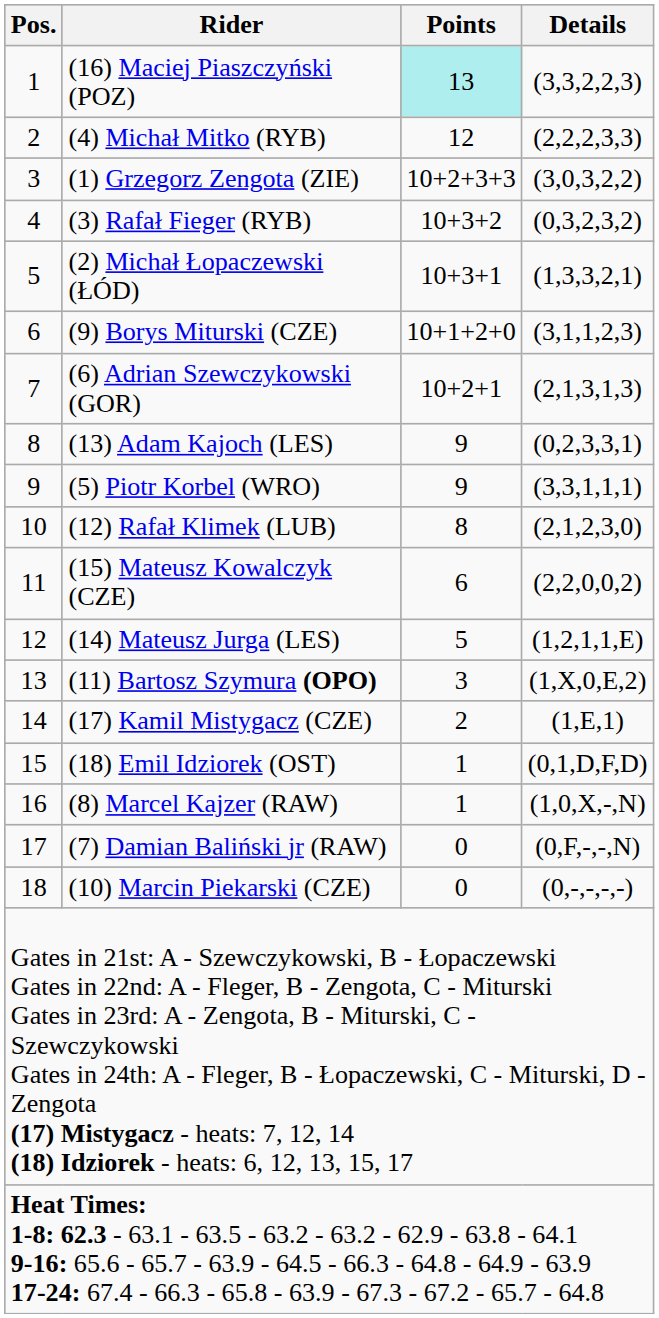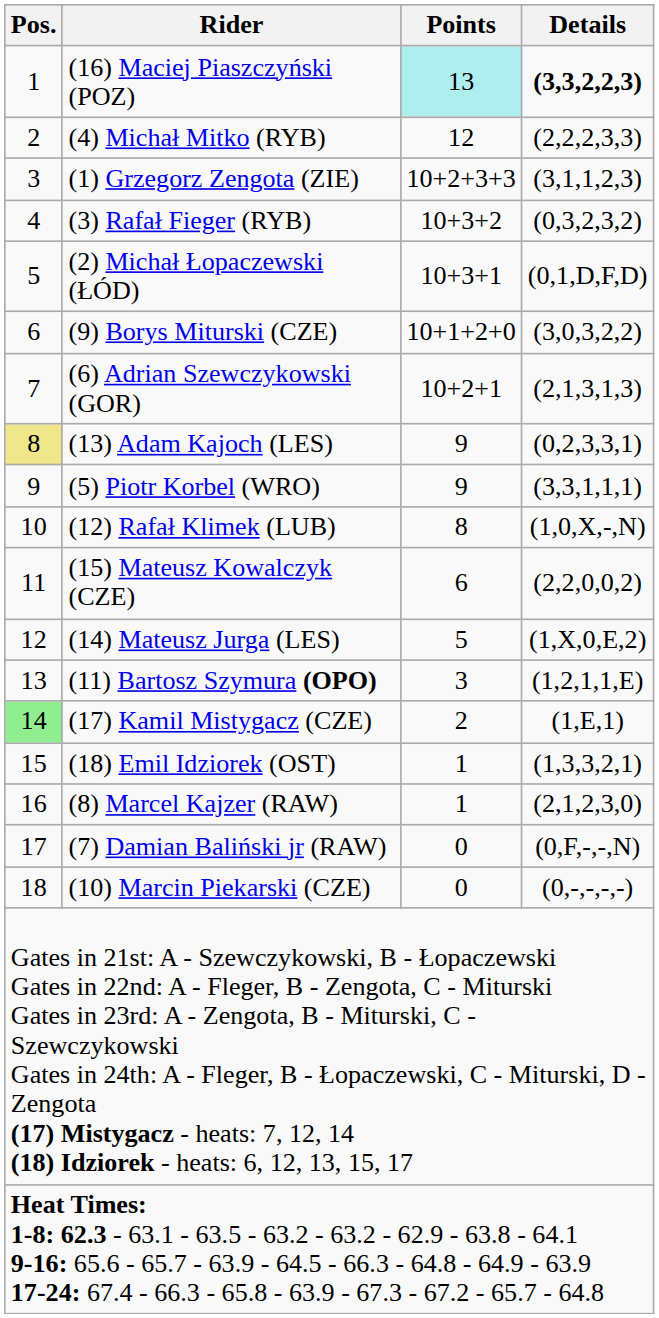 <table class=wikitable>
 <tr>
 <th width=25px>Pos.</th>
 <th width=200px>Rider</th>
 <th width=40px>Points</th>
 <th width=70px>Details</th>
 </tr>
 <tr align=center >
 <td>1</td>
 <td align=left>(16) <a href='#'>Maciej Piaszczyński</a> (POZ)</td>
 <td style="background: paleturquoise;">13</td>
-<td>(3,3,2,2,3)</td>
+<td><strong>(3,3,2,2,3)</strong></td>
 </tr>
 <tr align=center >
 <td>2</td>
 <td align=left>(4) <a href='#'>Michał Mitko</a> (RYB)</td>
 <td>12</td>
 <td>(2,2,2,3,3)</td>
 </tr>
 <tr align=center >
 <td>3</td>
 <td align=left>(1) <a href='#'>Grzegorz Zengota</a> (ZIE)</td>
 <td>10+2+3+3</td>
-<td>(3,0,3,2,2)</td>
+<td>(3,1,1,2,3)</td>
 </tr>
 <tr align=center >
 <td>4</td>
 <td align=left>(3) <a href='#'>Rafał Fieger</a> (RYB)</td>
 <td>10+3+2</td>
 <td>(0,3,2,3,2)</td>
 </tr>
 <tr align=center>
 <td>5</td>
 <td align=left >(2) <a href='#'>Michał Łopaczewski</a> (ŁÓD)</td>
 <td>10+3+1</td>
-<td>(1,3,3,2,1)</td>
+<td>(0,1,D,F,D)</td>
 </tr>
 <tr align=center>
 <td>6</td>
 <td align=left >(9) <a href='#'>Borys Miturski</a> (CZE)</td>
 <td>10+1+2+0</td>
-<td>(3,1,1,2,3)</td>
+<td>(3,0,3,2,2)</td>
 </tr>
 <tr align=center>
 <td>7</td>
 <td align=left >(6) <a href='#'>Adrian Szewczykowski</a> (GOR)</td>
 <td>10+2+1</td>
 <td>(2,1,3,1,3)</td>
 </tr>
 <tr align=center>
-<td>8</td>
+<td style="background: khaki;">8</td>
 <td align=left >(13) <a href='#'>Adam Kajoch</a> (LES)</td>
 <td>9</td>
 <td>(0,2,3,3,1)</td>
 </tr>
 <tr align=center>
 <td>9</td>
 <td align=left>(5) <a href='#'>Piotr Korbel</a> (WRO)</td>
 <td>9</td>
 <td>(3,3,1,1,1)</td>
 </tr>
 <tr align=center>
 <td>10</td>
 <td align=left>(12) <a href='#'>Rafał Klimek</a>  (LUB)</td>
 <td>8</td>
-<td>(2,1,2,3,0)</td>
+<td>(1,0,X,-,N)</td>
 </tr>
 <tr align=center>
 <td>11</td>
 <td align=left>(15) <a href='#'>Mateusz Kowalczyk</a> (CZE)</td>
 <td>6</td>
 <td>(2,2,0,0,2)</td>
 </tr>
 <tr align=center>
 <td>12</td>
 <td align=left>(14) <a href='#'>Mateusz Jurga</a> (LES)</td>
 <td>5</td>
-<td>(1,2,1,1,E)</td>
+<td>(1,X,0,E,2)</td>
 </tr>
 <tr align=center>
 <td>13</td>
 <td align=left>(11) <a href='#'>Bartosz Szymura</a> <strong>(OPO)</strong></td>
 <td>3</td>
-<td>(1,X,0,E,2)</td>
+<td>(1,2,1,1,E)</td>
 </tr>
 <tr align=center>
-<td>14</td>
+<td style="background: lightgreen;">14</td>
 <td align=left>(17) <a href='#'>Kamil Mistygacz</a> (CZE)</td>
 <td>2</td>
 <td>(1,E,1)</td>
 </tr>
 <tr align=center>
 <td>15</td>
 <td align=left>(18) <a href='#'>Emil Idziorek</a> (OST)</td>
 <td>1</td>
-<td>(0,1,D,F,D)</td>
+<td>(1,3,3,2,1)</td>
 </tr>
 <tr align=center>
 <td>16</td>
 <td align=left>(8) <a href='#'>Marcel Kajzer</a> (RAW)</td>
 <td>1</td>
-<td>(1,0,X,-,N)</td>
+<td>(2,1,2,3,0)</td>
 </tr>
 <tr align=center>
 <td>17</td>
 <td align=left>(7) <a href='#'>Damian Baliński jr</a> (RAW)</td>
 <td>0</td>
 <td>(0,F,-,-,N)</td>
 </tr>
 <tr align=center>
 <td>18</td>
 <td align=left>(10) <a href='#'>Marcin Piekarski</a> (CZE)</td>
 <td>0</td>
 <td>(0,-,-,-,-)</td>
 </tr>
 <tr>
 <td colspan=4><br>Gates in 21st: A - Szewczykowski, B - Łopaczewski <br>Gates in 22nd: A - Fleger, B - Zengota, C - Miturski <br>Gates in 23rd: A - Zengota, B - Miturski, C - Szewczykowski <br>Gates in 24th: A - Fleger, B - Łopaczewski, C - Miturski, D - Zengota <br><strong>(17) Mistygacz</strong> - heats: 7, 12, 14 <br><strong>(18) Idziorek</strong> - heats: 6, 12, 13, 15, 17</td>
 </tr>
 <tr>
 <td colspan=4><strong>Heat Times:</strong><br><strong>1-8:</strong> <strong>62.3</strong> - 63.1 - 63.5 - 63.2 - 63.2 - 62.9 - 63.8 - 64.1 <br><strong>9-16:</strong> 65.6 - 65.7 - 63.9 - 64.5 - 66.3 - 64.8 - 64.9 - 63.9 <br><strong>17-24:</strong> 67.4 - 66.3 - 65.8 - 63.9 - 67.3 - 67.2 - 65.7 - 64.8</td>
 </tr>
 </table>
